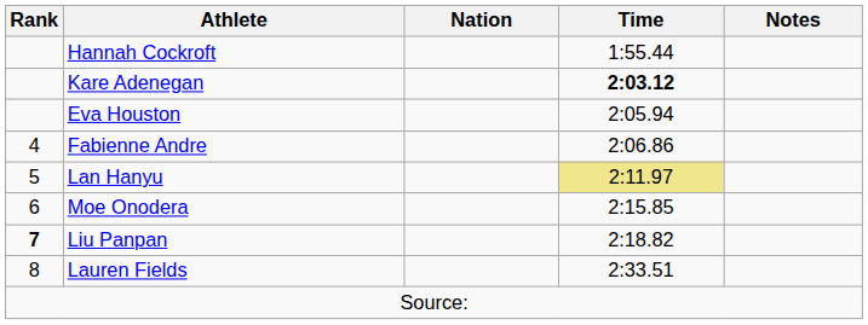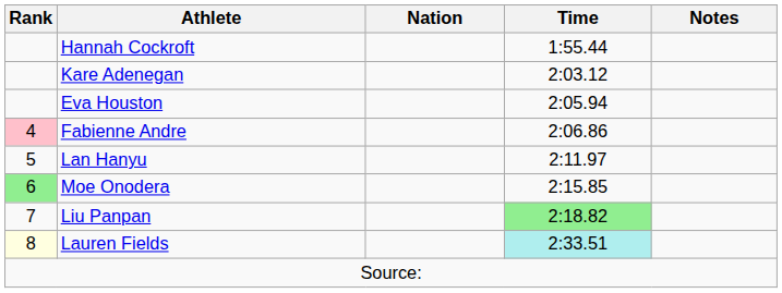 <table class="wikitable sortable" style="text-align:center;width: 55%;">
 <tr>
 <th scope="col" style="width: 10px;">Rank</th>
 <th scope="col">Athlete</th>
 <th scope="col">Nation</th>
 <th scope="col">Time</th>
 <th scope="col">Notes</th>
 </tr>
 <tr>
 <td></td>
 <td align=left><a href='#'>Hannah Cockroft</a></td>
 <td align=left></td>
 <td>1:55.44</td>
 <td></td>
 </tr>
 <tr>
 <td></td>
 <td align=left><a href='#'>Kare Adenegan</a></td>
 <td align=left></td>
-<td><strong>2:03.12</strong></td>
+<td>2:03.12</td>
 <td></td>
 </tr>
 <tr>
 <td></td>
 <td align=left><a href='#'>Eva Houston</a></td>
 <td align=left></td>
 <td>2:05.94</td>
 <td></td>
 </tr>
 <tr>
-<td>4</td>
+<td style="background: pink;">4</td>
 <td align=left><a href='#'>Fabienne Andre</a></td>
 <td align=left></td>
 <td>2:06.86</td>
 <td></td>
 </tr>
 <tr>
 <td>5</td>
 <td align=left><a href='#'>Lan Hanyu</a></td>
 <td align=left></td>
-<td style="background: khaki;">2:11.97</td>
+<td>2:11.97</td>
 <td></td>
 </tr>
 <tr>
-<td>6</td>
+<td style="background: lightgreen;">6</td>
 <td align=left><a href='#'>Moe Onodera</a></td>
 <td align=left></td>
 <td>2:15.85</td>
 <td></td>
 </tr>
 <tr>
-<td><strong>7</strong></td>
+<td>7</td>
 <td align=left><a href='#'>Liu Panpan</a></td>
 <td align=left></td>
-<td>2:18.82</td>
+<td style="background: lightgreen;">2:18.82</td>
 <td></td>
 </tr>
 <tr>
-<td>8</td>
+<td style="background: lightyellow;">8</td>
 <td align=left><a href='#'>Lauren Fields</a></td>
 <td align=left></td>
-<td>2:33.51</td>
+<td style="background: paleturquoise;">2:33.51</td>
 <td></td>
 </tr>
 <tr class="sortbottom">
 <td colspan="5">Source:</td>
 </tr>
 </table>
